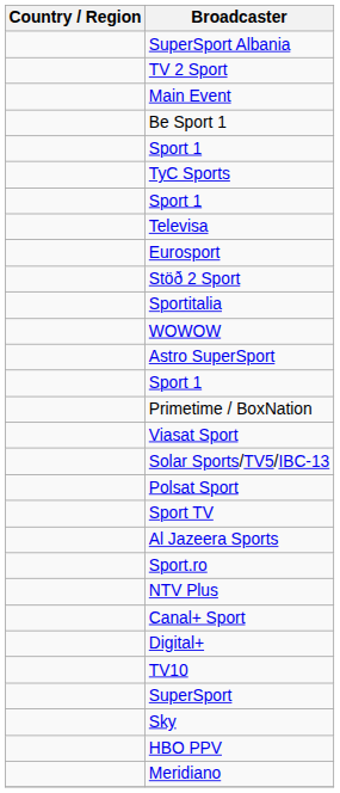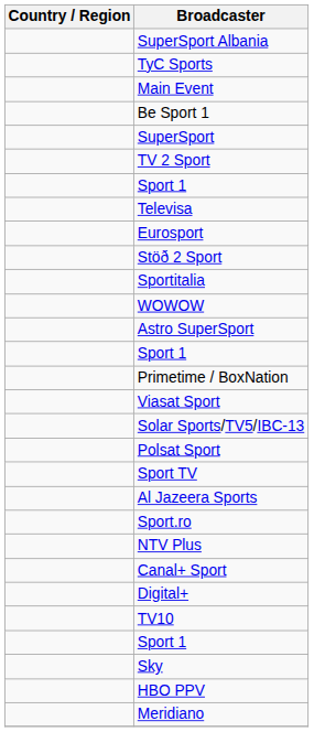 <table class="wikitable collapsible collapsed">
 <tr>
 <th>Country / Region</th>
 <th>Broadcaster</th>
 </tr>
 <tr>
 <td align=left></td>
 <td><a href='#'>SuperSport Albania</a></td>
 </tr>
 <tr>
 <td align=left></td>
-<td><a href='#'>TV 2 Sport</a></td>
+<td><a href='#'>TyC Sports</a></td>
 </tr>
 <tr>
 <td></td>
 <td><a href='#'>Main Event</a></td>
 </tr>
 <tr>
 <td></td>
 <td>Be Sport 1</td>
 </tr>
 <tr>
 <td></td>
-<td><a href='#'>Sport 1</a></td>
+<td><a href='#'>SuperSport</a></td>
 </tr>
 <tr>
 <td></td>
-<td><a href='#'>TyC Sports</a></td>
+<td><a href='#'>TV 2 Sport</a></td>
 </tr>
 <tr>
 <td></td>
 <td><a href='#'>Sport 1</a></td>
 </tr>
 <tr>
 <td></td>
 <td><a href='#'>Televisa</a></td>
 </tr>
 <tr>
 <td></td>
 <td><a href='#'>Eurosport</a></td>
 </tr>
 <tr>
 <td></td>
 <td><a href='#'>Stöð 2 Sport</a></td>
 </tr>
 <tr>
 <td></td>
 <td><a href='#'>Sportitalia</a></td>
 </tr>
 <tr>
 <td></td>
 <td><a href='#'>WOWOW</a></td>
 </tr>
 <tr>
 <td></td>
 <td><a href='#'>Astro SuperSport</a></td>
 </tr>
 <tr>
 <td></td>
 <td><a href='#'>Sport 1</a></td>
 </tr>
 <tr>
 <td></td>
 <td>Primetime / BoxNation</td>
 </tr>
 <tr>
 <td></td>
 <td><a href='#'>Viasat Sport</a></td>
 </tr>
 <tr>
 <td></td>
 <td><a href='#'>Solar Sports</a>/<a href='#'>TV5</a>/<a href='#'>IBC-13</a></td>
 </tr>
 <tr>
 <td></td>
 <td><a href='#'>Polsat Sport</a></td>
 </tr>
 <tr>
 <td></td>
 <td><a href='#'>Sport TV</a></td>
 </tr>
 <tr>
 <td></td>
 <td><a href='#'>Al Jazeera Sports</a></td>
 </tr>
 <tr>
 <td></td>
 <td><a href='#'>Sport.ro</a></td>
 </tr>
 <tr>
 <td></td>
 <td><a href='#'>NTV Plus</a></td>
 </tr>
 <tr>
 <td></td>
 <td><a href='#'>Canal+ Sport</a></td>
 </tr>
 <tr>
 <td></td>
 <td><a href='#'>Digital+</a></td>
 </tr>
 <tr>
 <td></td>
 <td><a href='#'>TV10</a></td>
 </tr>
 <tr>
 <td></td>
-<td><a href='#'>SuperSport</a></td>
+<td><a href='#'>Sport 1</a></td>
 </tr>
 <tr>
 <td></td>
 <td><a href='#'>Sky</a></td>
 </tr>
 <tr>
 <td></td>
 <td><a href='#'>HBO PPV</a></td>
 </tr>
 <tr>
 <td></td>
 <td><a href='#'>Meridiano</a></td>
 </tr>
 <tr>
 </tr>
 </table>
